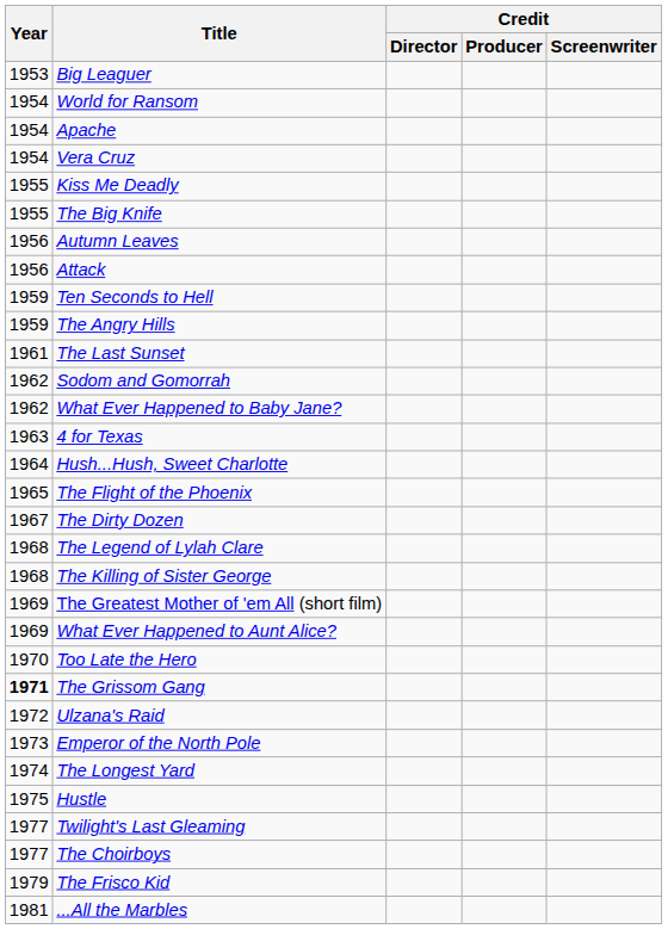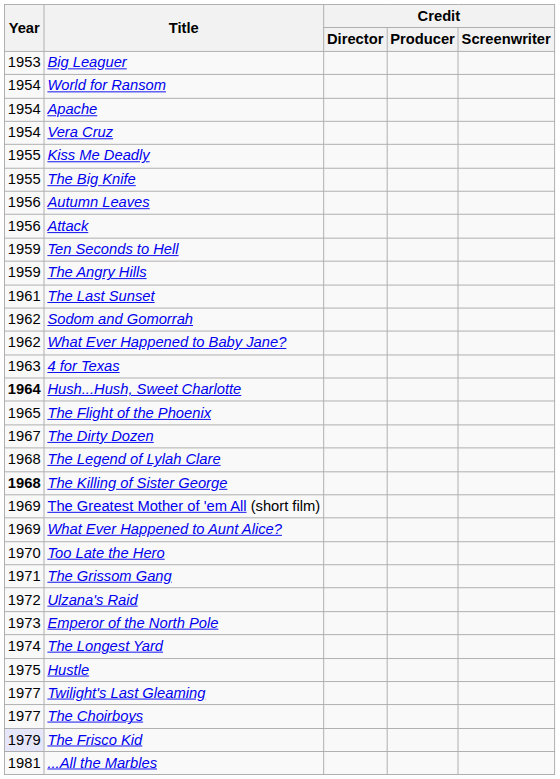 <table class="wikitable">
 <tr>
 <th rowspan="2">Year</th>
 <th rowspan="2">Title</th>
 <th colspan="3">Credit</th>
 </tr>
 <tr>
 <th>Director</th>
 <th>Producer</th>
 <th>Screenwriter</th>
 </tr>
 <tr>
 <td>1953</td>
 <td><em><a href='#'>Big Leaguer</a></em></td>
 <td></td>
 <td></td>
 <td></td>
 </tr>
 <tr>
 <td>1954</td>
 <td><em><a href='#'>World for Ransom</a></em></td>
 <td></td>
 <td></td>
 <td></td>
 </tr>
 <tr>
 <td>1954</td>
 <td><em><a href='#'>Apache</a></em></td>
 <td></td>
 <td></td>
 <td></td>
 </tr>
 <tr>
 <td>1954</td>
 <td><em><a href='#'>Vera Cruz</a></em></td>
 <td></td>
 <td></td>
 <td></td>
 </tr>
 <tr>
 <td>1955</td>
 <td><em><a href='#'>Kiss Me Deadly</a></em></td>
 <td></td>
 <td></td>
 <td></td>
 </tr>
 <tr>
 <td>1955</td>
 <td><em><a href='#'>The Big Knife</a></em></td>
 <td></td>
 <td></td>
 <td></td>
 </tr>
 <tr>
 <td>1956</td>
 <td><em><a href='#'>Autumn Leaves</a></em></td>
 <td></td>
 <td></td>
 <td></td>
 </tr>
 <tr>
 <td>1956</td>
 <td><em><a href='#'>Attack</a></em></td>
 <td></td>
 <td></td>
 <td></td>
 </tr>
 <tr>
 <td>1959</td>
 <td><em><a href='#'>Ten Seconds to Hell</a></em></td>
 <td></td>
 <td></td>
 <td></td>
 </tr>
 <tr>
 <td>1959</td>
 <td><em><a href='#'>The Angry Hills</a></em></td>
 <td></td>
 <td></td>
 <td></td>
 </tr>
 <tr>
 <td>1961</td>
 <td><em><a href='#'>The Last Sunset</a></em></td>
 <td></td>
 <td></td>
 <td></td>
 </tr>
 <tr>
 <td>1962</td>
 <td><em><a href='#'>Sodom and Gomorrah</a></em></td>
 <td></td>
 <td></td>
 <td></td>
 </tr>
 <tr>
 <td>1962</td>
 <td><em><a href='#'>What Ever Happened to Baby Jane?</a></em></td>
 <td></td>
 <td></td>
 <td></td>
 </tr>
 <tr>
 <td>1963</td>
 <td><em><a href='#'>4 for Texas</a></em></td>
 <td></td>
 <td></td>
 <td></td>
 </tr>
 <tr>
-<td>1964</td>
+<td><strong>1964</strong></td>
 <td><em><a href='#'>Hush...Hush, Sweet Charlotte</a></em></td>
 <td></td>
 <td></td>
 <td></td>
 </tr>
 <tr>
 <td>1965</td>
 <td><em><a href='#'>The Flight of the Phoenix</a></em></td>
 <td></td>
 <td></td>
 <td></td>
 </tr>
 <tr>
 <td>1967</td>
 <td><em><a href='#'>The Dirty Dozen</a></em></td>
 <td></td>
 <td></td>
 <td></td>
 </tr>
 <tr>
 <td>1968</td>
 <td><em><a href='#'>The Legend of Lylah Clare</a></em></td>
 <td></td>
 <td></td>
 <td></td>
 </tr>
 <tr>
-<td>1968</td>
+<td><strong>1968</strong></td>
 <td><em><a href='#'>The Killing of Sister George</a></em></td>
 <td></td>
 <td></td>
 <td></td>
 </tr>
 <tr>
 <td>1969</td>
 <td><a href='#'>The Greatest Mother of 'em All</a> (short film)</td>
 <td></td>
 <td></td>
 <td></td>
 </tr>
 <tr>
 <td>1969</td>
 <td><em><a href='#'>What Ever Happened to Aunt Alice?</a></em></td>
 <td></td>
 <td></td>
 <td></td>
 </tr>
 <tr>
 <td>1970</td>
 <td><em><a href='#'>Too Late the Hero</a></em></td>
 <td></td>
 <td></td>
 <td></td>
 </tr>
 <tr>
-<td><strong>1971</strong></td>
+<td>1971</td>
 <td><em><a href='#'>The Grissom Gang</a></em></td>
 <td></td>
 <td></td>
 <td></td>
 </tr>
 <tr>
 <td>1972</td>
 <td><em><a href='#'>Ulzana's Raid</a></em></td>
 <td></td>
 <td></td>
 <td></td>
 </tr>
 <tr>
 <td>1973</td>
 <td><em><a href='#'>Emperor of the North Pole</a></em></td>
 <td></td>
 <td></td>
 <td></td>
 </tr>
 <tr>
 <td>1974</td>
 <td><em><a href='#'>The Longest Yard</a></em></td>
 <td></td>
 <td></td>
 <td></td>
 </tr>
 <tr>
 <td>1975</td>
 <td><em><a href='#'>Hustle</a></em></td>
 <td></td>
 <td></td>
 <td></td>
 </tr>
 <tr>
 <td>1977</td>
 <td><em><a href='#'>Twilight's Last Gleaming</a></em></td>
 <td></td>
 <td></td>
 <td></td>
 </tr>
 <tr>
 <td>1977</td>
 <td><em><a href='#'>The Choirboys</a></em></td>
 <td></td>
 <td></td>
 <td></td>
 </tr>
 <tr>
-<td>1979</td>
+<td style="background: lavender;">1979</td>
 <td><em><a href='#'>The Frisco Kid</a></em></td>
 <td></td>
 <td></td>
 <td></td>
 </tr>
 <tr>
 <td>1981</td>
 <td><em><a href='#'>...All the Marbles</a></em></td>
 <td></td>
 <td></td>
 <td></td>
 </tr>
 </table>
